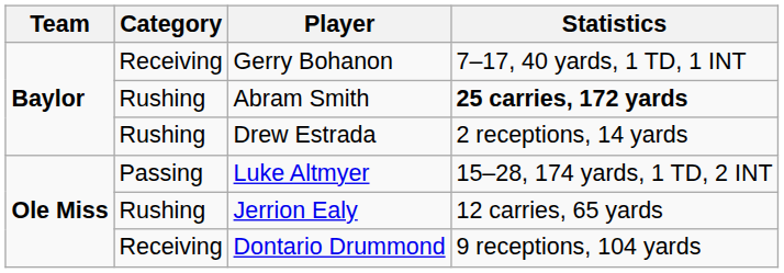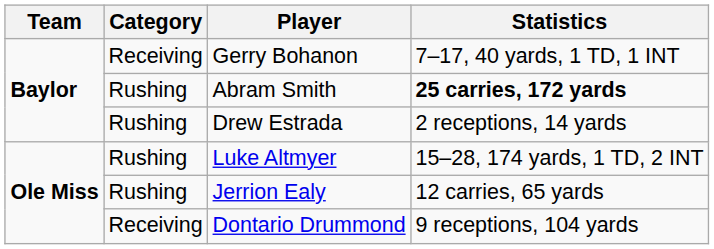 <table class="wikitable" style="float: right;">
 <tr>
 <th>Team</th>
 <th>Category</th>
 <th>Player</th>
 <th>Statistics</th>
 </tr>
 <tr>
 <td rowspan=3><strong>Baylor</strong></td>
 <td>Receiving</td>
 <td>Gerry Bohanon</td>
 <td>7–17, 40 yards, 1 TD, 1 INT</td>
 </tr>
 <tr>
 <td>Rushing</td>
 <td>Abram Smith</td>
 <td><strong>25 carries, 172 yards</strong></td>
 </tr>
 <tr>
 <td>Rushing</td>
 <td>Drew Estrada</td>
 <td>2 receptions, 14 yards</td>
 </tr>
 <tr>
 <td rowspan=3><strong>Ole Miss</strong></td>
-<td>Passing</td>
+<td>Rushing</td>
 <td><a href='#'>Luke Altmyer</a></td>
 <td>15–28, 174 yards, 1 TD, 2 INT</td>
 </tr>
 <tr>
 <td>Rushing</td>
 <td><a href='#'>Jerrion Ealy</a></td>
 <td>12 carries, 65 yards</td>
 </tr>
 <tr>
 <td>Receiving</td>
 <td><a href='#'>Dontario Drummond</a></td>
 <td>9 receptions, 104 yards</td>
 </tr>
 </table>
